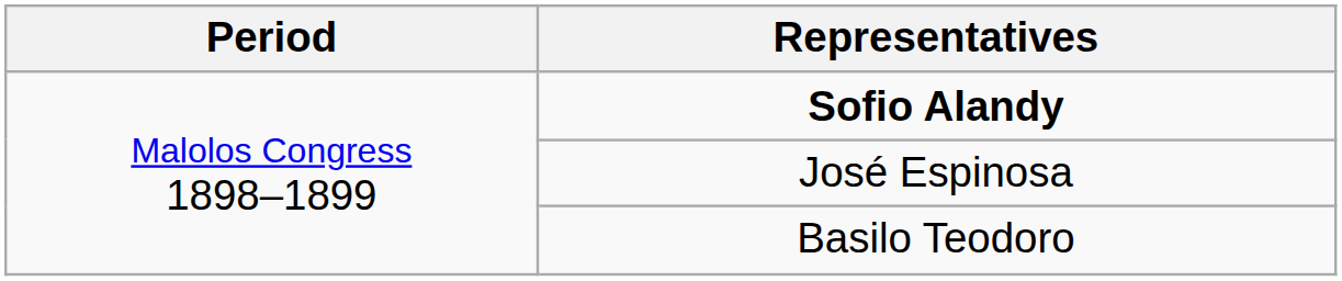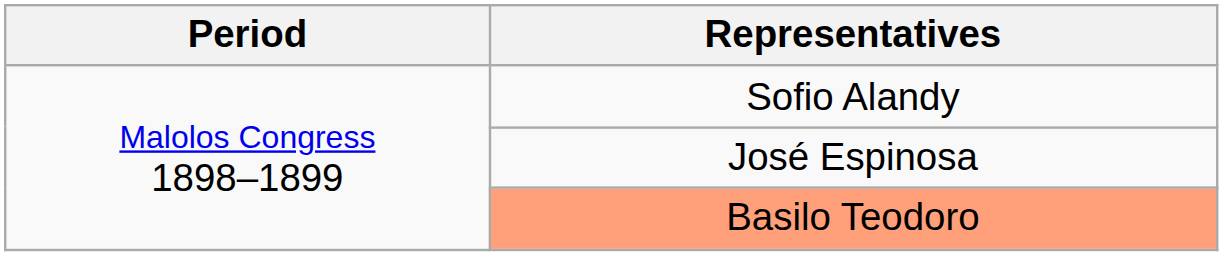 <table class="wikitable" style="text-align:center; width:40%;">
 <tr>
 <th width="40%">Period</th>
 <th>Representatives</th>
 </tr>
 <tr>
 <td rowspan="3"><small><a href='#'>Malolos Congress</a></small><br>1898–1899</td>
-<td><strong>Sofio Alandy</strong></td>
+<td>Sofio Alandy</td>
 </tr>
 <tr>
 <td>José Espinosa</td>
 </tr>
 <tr>
-<td>Basilo Teodoro</td>
+<td style="background: lightsalmon;">Basilo Teodoro</td>
 </tr>
 </table>
